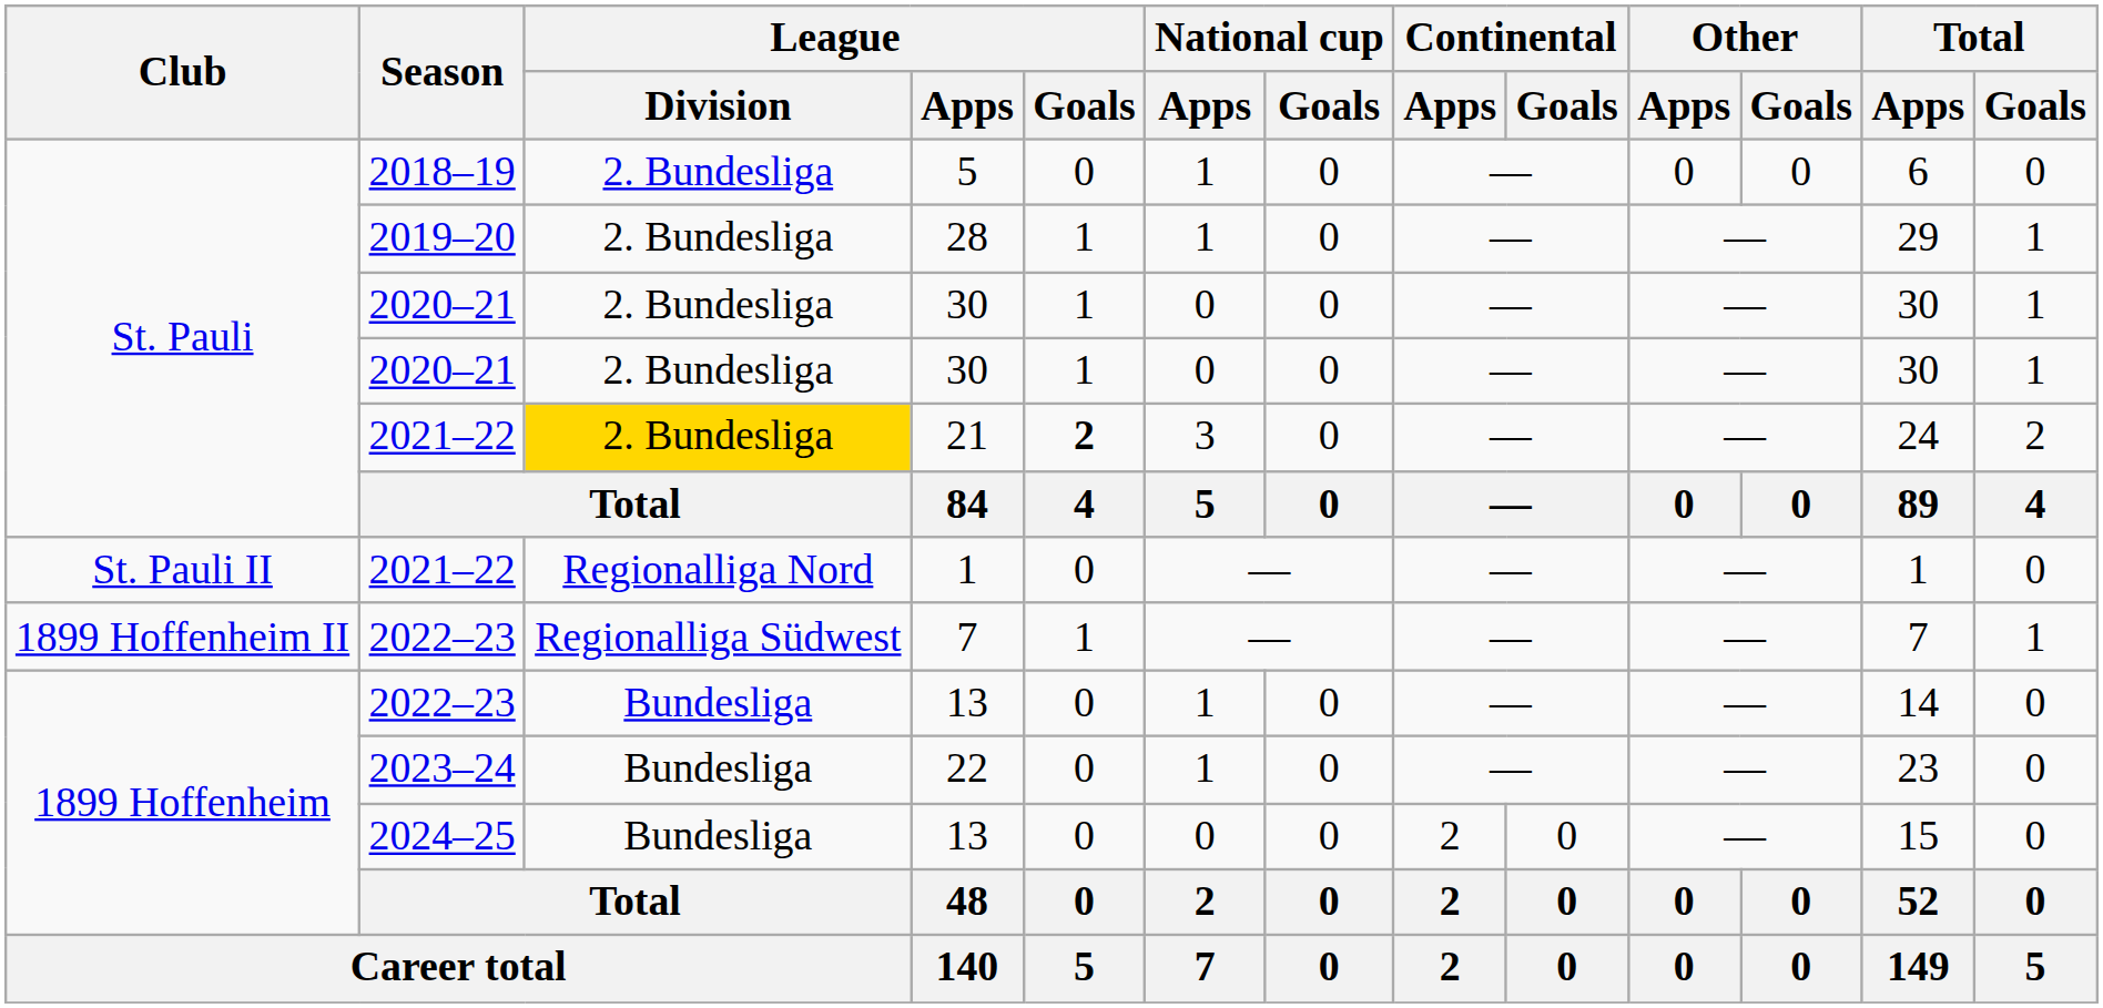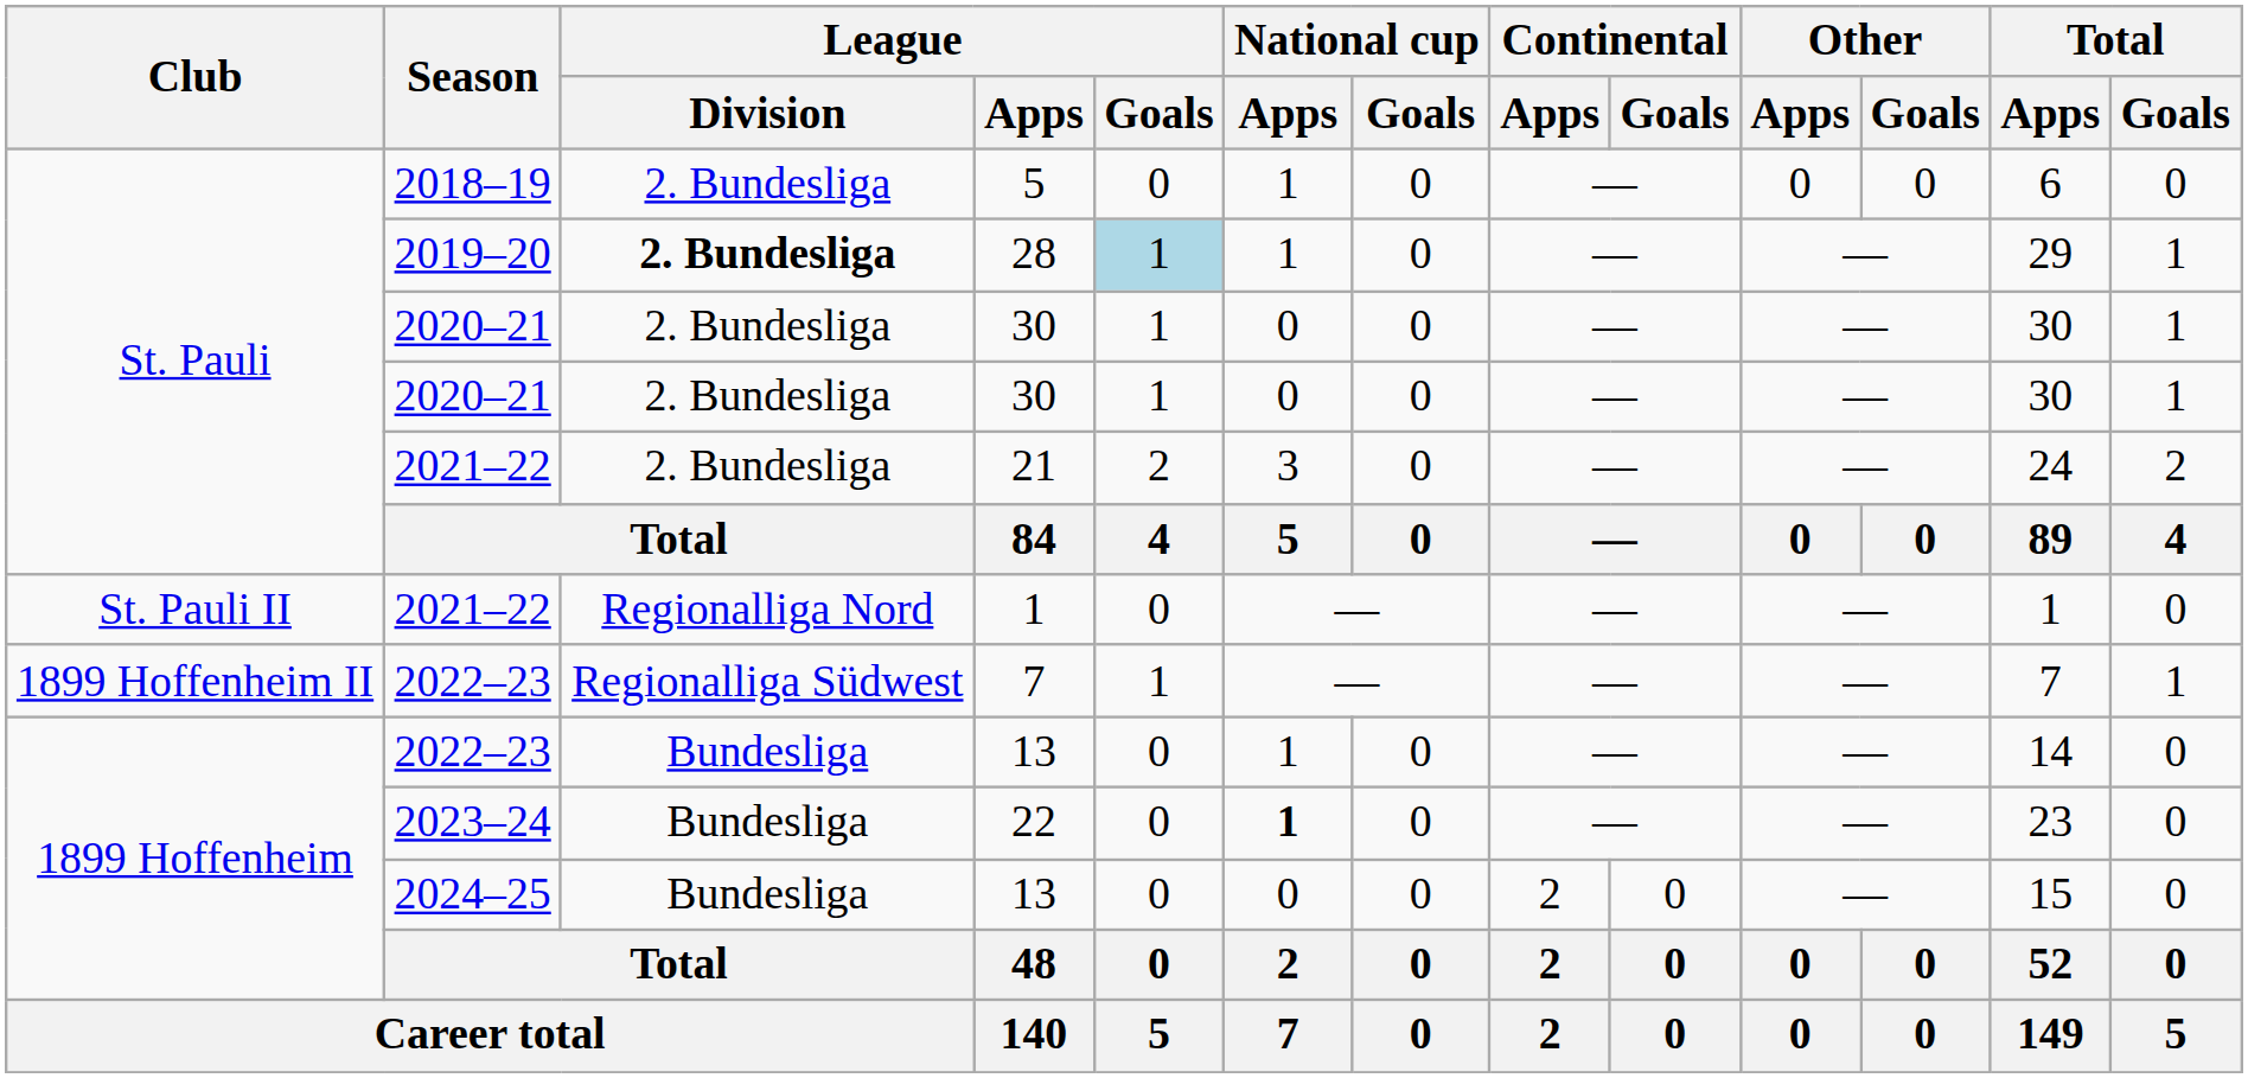 <table class="wikitable" style="text-align: center;">
 <tr>
 <th rowspan="2">Club</th>
 <th rowspan="2">Season</th>
 <th colspan="3">League</th>
 <th colspan="2">National cup</th>
 <th colspan="2">Continental</th>
 <th colspan="2">Other</th>
 <th colspan="2">Total</th>
 </tr>
 <tr>
 <th>Division</th>
 <th>Apps</th>
 <th>Goals</th>
 <th>Apps</th>
 <th>Goals</th>
 <th>Apps</th>
 <th>Goals</th>
 <th>Apps</th>
 <th>Goals</th>
 <th>Apps</th>
 <th>Goals</th>
 </tr>
 <tr>
 <td rowspan="6"><a href='#'>St. Pauli</a></td>
 <td><a href='#'>2018–19</a></td>
 <td><a href='#'>2. Bundesliga</a></td>
 <td>5</td>
 <td>0</td>
 <td>1</td>
 <td>0</td>
 <td colspan="2">—</td>
 <td>0</td>
 <td>0</td>
 <td>6</td>
 <td>0</td>
 </tr>
 <tr>
 <td><a href='#'>2019–20</a></td>
-<td>2. Bundesliga</td>
+<td><strong>2. Bundesliga</strong></td>
 <td>28</td>
-<td>1</td>
+<td style="background: lightblue;">1</td>
 <td>1</td>
 <td>0</td>
 <td colspan="2">—</td>
 <td colspan="2">—</td>
 <td>29</td>
 <td>1</td>
 </tr>
 <tr>
 <td><a href='#'>2020–21</a></td>
 <td>2. Bundesliga</td>
 <td>30</td>
 <td>1</td>
 <td>0</td>
 <td>0</td>
 <td colspan="2">—</td>
 <td colspan="2">—</td>
 <td>30</td>
 <td>1</td>
 </tr>
 <tr>
 <td><a href='#'>2020–21</a></td>
 <td>2. Bundesliga</td>
 <td>30</td>
 <td>1</td>
 <td>0</td>
 <td>0</td>
 <td colspan="2">—</td>
 <td colspan="2">—</td>
 <td>30</td>
 <td>1</td>
 </tr>
 <tr>
 <td><a href='#'>2021–22</a></td>
-<td style="background: gold;">2. Bundesliga</td>
+<td>2. Bundesliga</td>
 <td>21</td>
-<td><strong>2</strong></td>
+<td>2</td>
 <td>3</td>
 <td>0</td>
 <td colspan="2">—</td>
 <td colspan="2">—</td>
 <td>24</td>
 <td>2</td>
 </tr>
 <tr>
 <th colspan="2">Total</th>
 <th>84</th>
 <th>4</th>
 <th>5</th>
 <th>0</th>
 <th colspan="2">—</th>
 <th>0</th>
 <th>0</th>
 <th>89</th>
 <th>4</th>
 </tr>
 <tr>
 <td><a href='#'>St. Pauli II</a></td>
 <td><a href='#'>2021–22</a></td>
 <td><a href='#'>Regionalliga Nord</a></td>
 <td>1</td>
 <td>0</td>
 <td colspan="2">—</td>
 <td colspan="2">—</td>
 <td colspan="2">—</td>
 <td>1</td>
 <td>0</td>
 </tr>
 <tr>
 <td><a href='#'>1899 Hoffenheim II</a></td>
 <td><a href='#'>2022–23</a></td>
 <td><a href='#'>Regionalliga Südwest</a></td>
 <td>7</td>
 <td>1</td>
 <td colspan="2">—</td>
 <td colspan="2">—</td>
 <td colspan="2">—</td>
 <td>7</td>
 <td>1</td>
 </tr>
 <tr>
 <td rowspan="4"><a href='#'>1899 Hoffenheim</a></td>
 <td><a href='#'>2022–23</a></td>
 <td><a href='#'>Bundesliga</a></td>
 <td>13</td>
 <td>0</td>
 <td>1</td>
 <td>0</td>
 <td colspan="2">—</td>
 <td colspan="2">—</td>
 <td>14</td>
 <td>0</td>
 </tr>
 <tr>
 <td><a href='#'>2023–24</a></td>
 <td>Bundesliga</td>
 <td>22</td>
 <td>0</td>
-<td>1</td>
+<td><strong>1</strong></td>
 <td>0</td>
 <td colspan="2">—</td>
 <td colspan="2">—</td>
 <td>23</td>
 <td>0</td>
 </tr>
 <tr>
 <td><a href='#'>2024–25</a></td>
 <td>Bundesliga</td>
 <td>13</td>
 <td>0</td>
 <td>0</td>
 <td>0</td>
 <td>2</td>
 <td>0</td>
 <td colspan="2">—</td>
 <td>15</td>
 <td>0</td>
 </tr>
 <tr>
 <th colspan="2">Total</th>
 <th>48</th>
 <th>0</th>
 <th>2</th>
 <th>0</th>
 <th>2</th>
 <th>0</th>
 <th>0</th>
 <th>0</th>
 <th>52</th>
 <th>0</th>
 </tr>
 <tr>
 <th colspan="3">Career total</th>
 <th>140</th>
 <th>5</th>
 <th>7</th>
 <th>0</th>
 <th>2</th>
 <th>0</th>
 <th>0</th>
 <th>0</th>
 <th>149</th>
 <th>5</th>
 </tr>
 </table>
